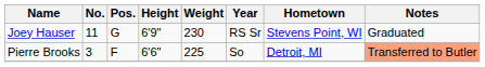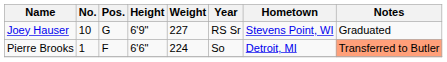 <table class="wikitable sortable" border="1">
 <tr align="center">
 <th>Name</th>
 <th>No.</th>
 <th>Pos.</th>
 <th>Height</th>
 <th>Weight</th>
 <th>Year</th>
 <th>Hometown</th>
 <th>Notes</th>
 </tr>
 <tr>
 <td><a href='#'>Joey Hauser</a></td>
-<td>11</td>
+<td>10</td>
 <td>G</td>
 <td>6'9"</td>
-<td>230</td>
+<td>227</td>
 <td>RS Sr</td>
 <td><a href='#'>Stevens Point, WI</a></td>
 <td>Graduated</td>
 </tr>
 <tr>
 <td>Pierre Brooks</td>
-<td>3</td>
+<td>1</td>
 <td>F</td>
 <td>6'6"</td>
-<td>225</td>
+<td>224</td>
 <td>So</td>
 <td><a href='#'>Detroit, MI</a></td>
 <td style="background: lightsalmon;">Transferred to Butler</td>
 </tr>
 <tr>
 </tr>
 </table>
